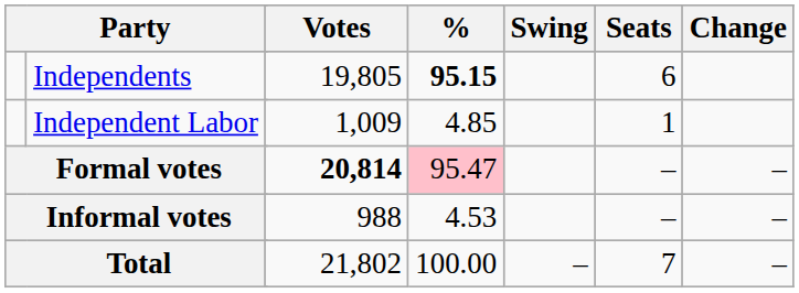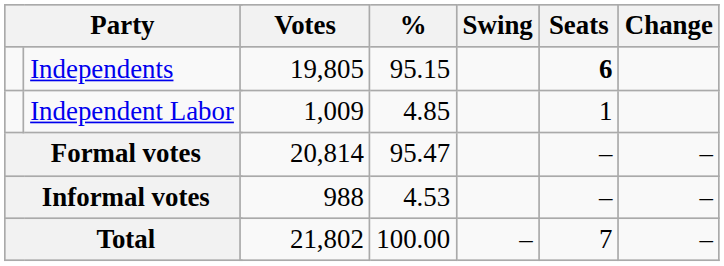 <table class="wikitable" style="text-align:right; margin-bottom:0">
 <tr>
 <th style="width:10px" colspan=3>Party</th>
 <th style="width:70px;">Votes</th>
 <th style="width:40px;">%</th>
 <th style="width:40px;">Swing</th>
 <th style="width:40px;">Seats</th>
 <th style="width:40px;">Change</th>
 </tr>
 <tr>
 <td> </td>
 <td style="text-align:left;" colspan="2"><a href='#'>Independents</a></td>
 <td>19,805</td>
-<td><strong>95.15</strong></td>
+<td>95.15</td>
 <td></td>
-<td>6</td>
+<td><strong>6</strong></td>
 <td></td>
 </tr>
 <tr>
 <td> </td>
 <td style="text-align:left;" colspan="2"><a href='#'>Independent Labor</a></td>
 <td>1,009</td>
 <td>4.85</td>
 <td></td>
 <td>1</td>
 <td></td>
 </tr>
 <tr>
 <th colspan="3" rowspan="1"> Formal votes</th>
-<td><strong>20,814</strong></td>
-<td style="background: pink;">95.47</td>
+<td>20,814</td>
+<td>95.47</td>
 <td></td>
 <td>–</td>
 <td>–</td>
 </tr>
 <tr>
 <th colspan="3" rowspan="1"> Informal votes</th>
 <td>988</td>
 <td>4.53</td>
 <td></td>
 <td>–</td>
 <td>–</td>
 </tr>
 <tr>
 <th colspan="3" rowspan="1"> Total</th>
 <td>21,802</td>
 <td>100.00</td>
 <td>–</td>
 <td>7</td>
 <td>–</td>
 </tr>
 </table>
